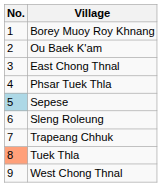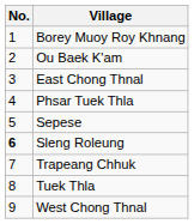 <table class="wikitable">
 <tr>
 <th>No.</th>
 <th>Village</th>
 </tr>
 <tr>
 <td>1</td>
 <td>Borey Muoy Roy Khnang</td>
 </tr>
 <tr>
 <td>2</td>
 <td>Ou Baek K'am</td>
 </tr>
 <tr>
 <td>3</td>
 <td>East Chong Thnal</td>
 </tr>
 <tr>
 <td>4</td>
 <td>Phsar Tuek Thla</td>
 </tr>
 <tr>
-<td style="background: lightblue;">5</td>
+<td>5</td>
 <td>Sepese</td>
 </tr>
 <tr>
-<td>6</td>
+<td><strong>6</strong></td>
 <td>Sleng Roleung</td>
 </tr>
 <tr>
 <td>7</td>
 <td>Trapeang Chhuk</td>
 </tr>
 <tr>
-<td style="background: lightsalmon;">8</td>
+<td>8</td>
 <td>Tuek Thla</td>
 </tr>
 <tr>
 <td>9</td>
 <td>West Chong Thnal</td>
 </tr>
 </table>
